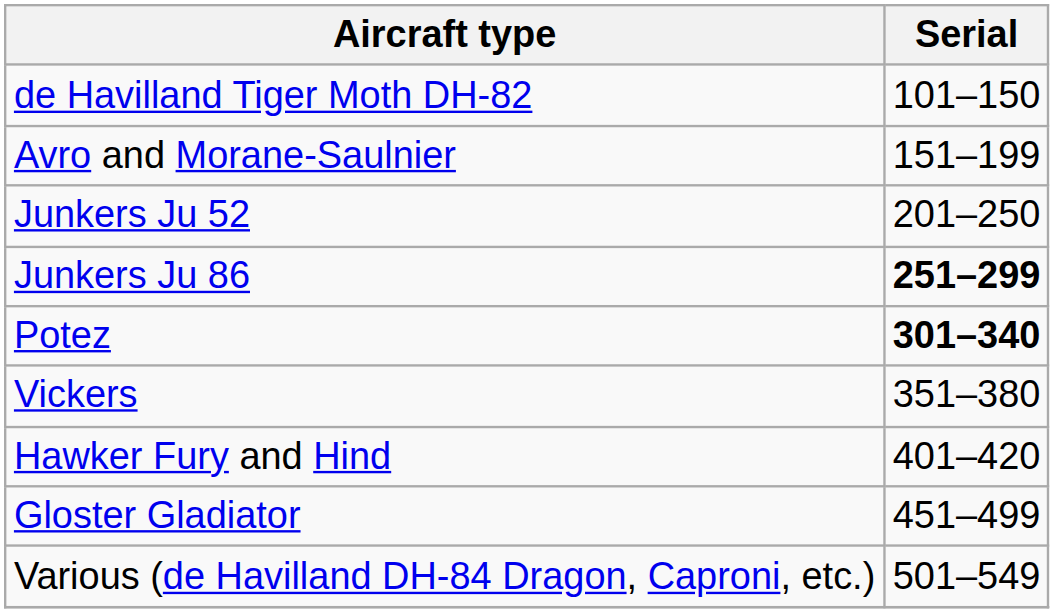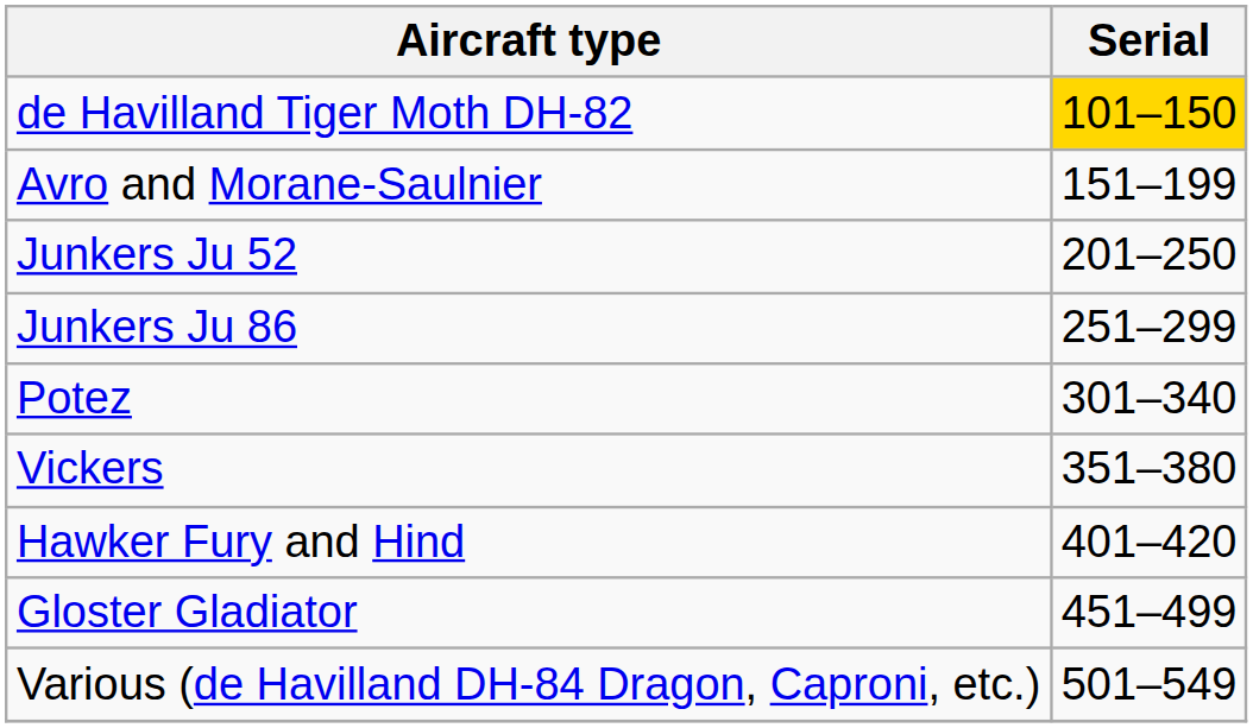 <table class="wikitable">
 <tr>
 <th style="text-align: center;">Aircraft type</th>
 <th style="text-align: center;">Serial</th>
 </tr>
 <tr>
 <td><a href='#'>de Havilland Tiger Moth DH-82</a></td>
-<td>101–150</td>
+<td style="background: gold;">101–150</td>
 </tr>
 <tr>
 <td><a href='#'>Avro</a> and <a href='#'>Morane-Saulnier</a></td>
 <td>151–199</td>
 </tr>
 <tr>
 <td><a href='#'>Junkers Ju 52</a></td>
 <td>201–250</td>
 </tr>
 <tr>
 <td><a href='#'>Junkers Ju 86</a></td>
-<td><strong>251–299</strong></td>
+<td>251–299</td>
 </tr>
 <tr>
 <td><a href='#'>Potez</a></td>
-<td><strong>301–340</strong></td>
+<td>301–340</td>
 </tr>
 <tr>
 <td><a href='#'>Vickers</a></td>
 <td>351–380</td>
 </tr>
 <tr>
 <td><a href='#'>Hawker Fury</a> and <a href='#'>Hind</a></td>
 <td>401–420</td>
 </tr>
 <tr>
 <td><a href='#'>Gloster Gladiator</a></td>
 <td>451–499</td>
 </tr>
 <tr>
 <td>Various (<a href='#'>de Havilland DH-84 Dragon</a>, <a href='#'>Caproni</a>, etc.)</td>
 <td>501–549</td>
 </tr>
 <tr>
 </tr>
 </table>
